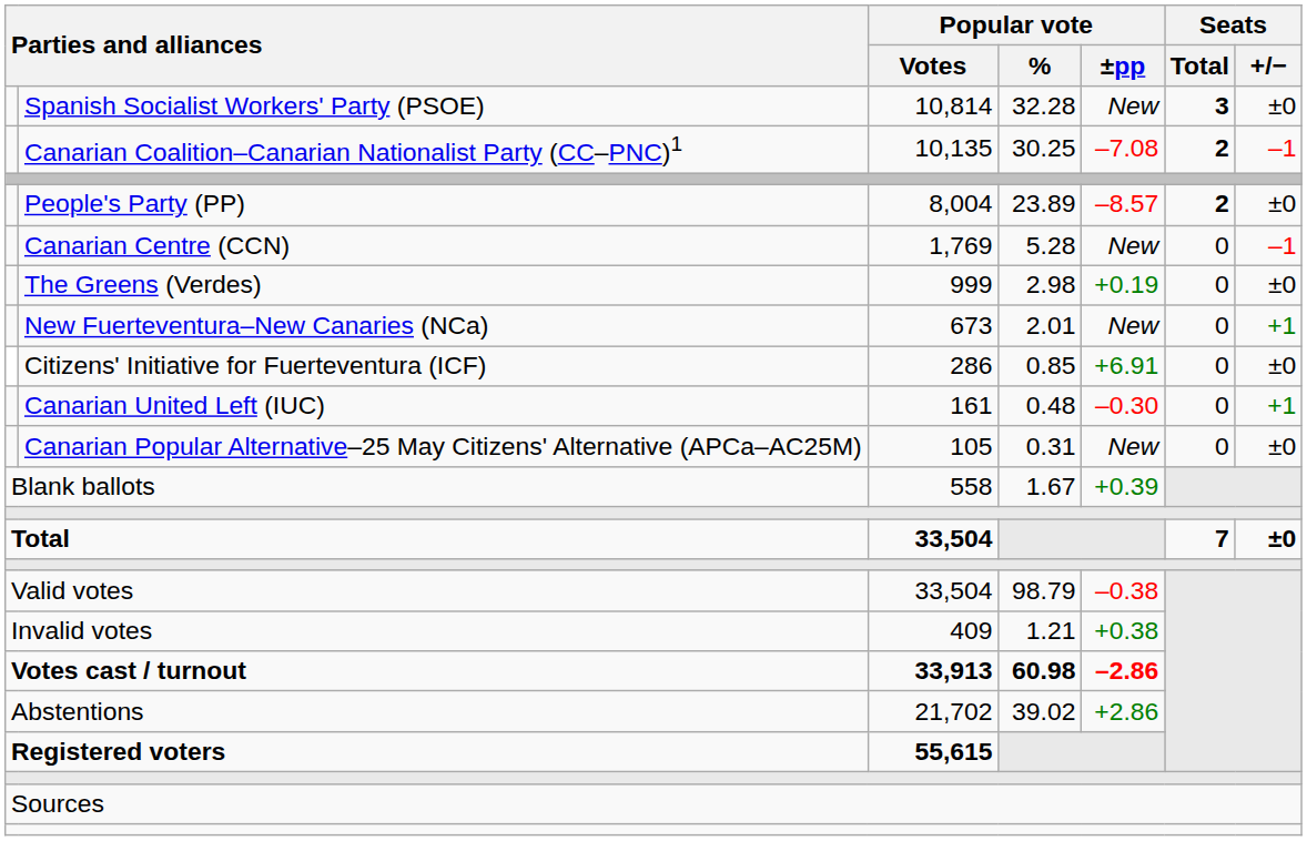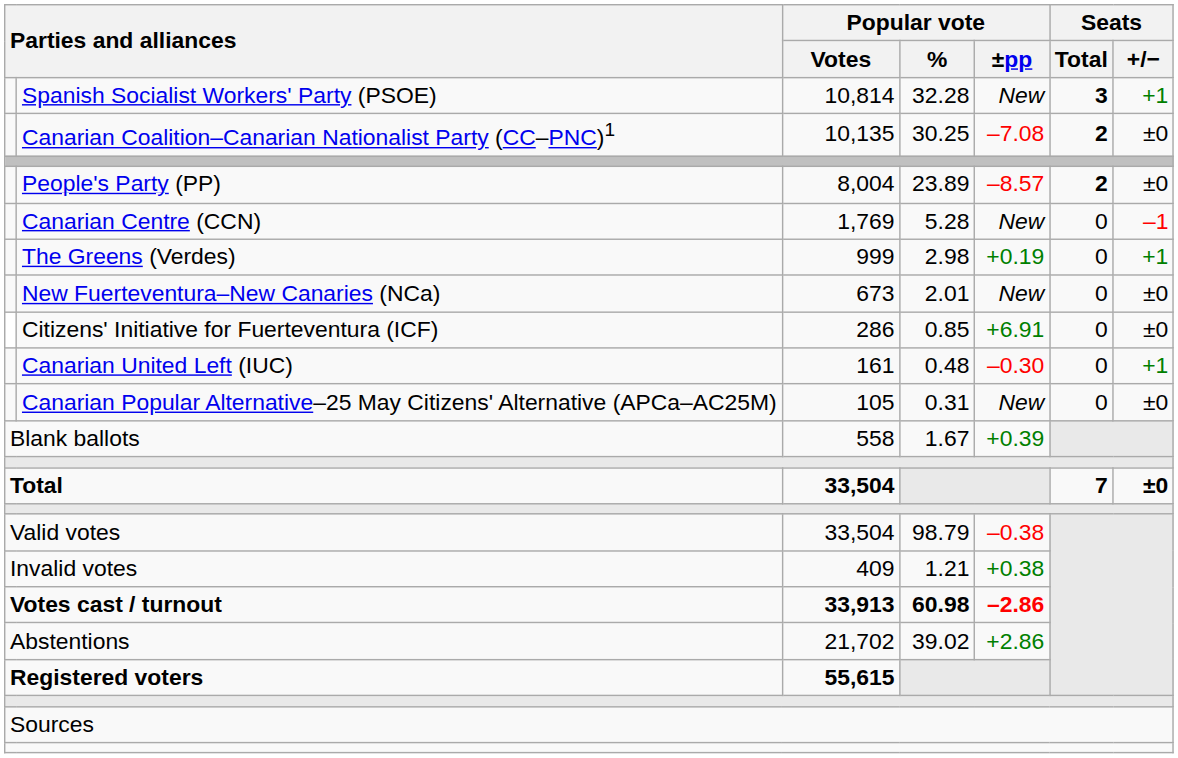 <table class="wikitable" style="text-align:right;">
 <tr>
 <th style="text-align:left;" rowspan="2" colspan="2" width="525">Parties and alliances</th>
 <th colspan="3">Popular vote</th>
 <th colspan="2">Seats</th>
 </tr>
 <tr>
 <th width="75">Votes</th>
 <th width="45">%</th>
 <th width="45">±<a href='#'>pp</a></th>
 <th width="35">Total</th>
 <th width="35">+/−</th>
 </tr>
 <tr>
 <td width="1" style="color:inherit;background:"></td>
 <td align="left"><a href='#'>Spanish Socialist Workers' Party</a> (PSOE)</td>
 <td>10,814</td>
 <td>32.28</td>
 <td><em>New</em></td>
 <td><strong>3</strong></td>
-<td>±0</td>
+<td style="color:green;">+1</td>
 </tr>
 <tr>
 <td style="color:inherit;background:"></td>
 <td align="left"><a href='#'>Canarian Coalition–Canarian Nationalist Party</a> (<a href='#'>CC</a>–<a href='#'>PNC</a>)<sup>1</sup></td>
 <td>10,135</td>
 <td>30.25</td>
 <td style="color:red;">–7.08</td>
 <td><strong>2</strong></td>
-<td style="color:red;">–1</td>
+<td>±0</td>
 </tr>
 <tr>
 <td colspan="7" bgcolor="#C0C0C0"></td>
 </tr>
 <tr>
 <td style="color:inherit;background:"></td>
 <td align="left"><a href='#'>People's Party</a> (PP)</td>
 <td>8,004</td>
 <td>23.89</td>
 <td style="color:red;">–8.57</td>
 <td><strong>2</strong></td>
 <td>±0</td>
 </tr>
 <tr>
 <td style="color:inherit;background:"></td>
 <td align="left"><a href='#'>Canarian Centre</a> (CCN)</td>
 <td>1,769</td>
 <td>5.28</td>
 <td><em>New</em></td>
 <td>0</td>
 <td style="color:red;">–1</td>
 </tr>
 <tr>
 <td style="color:inherit;background:"></td>
 <td align="left"><a href='#'>The Greens</a> (Verdes)</td>
 <td>999</td>
 <td>2.98</td>
 <td style="color:green;">+0.19</td>
 <td>0</td>
-<td>±0</td>
+<td style="color:green;">+1</td>
 </tr>
 <tr>
 <td style="color:inherit;background:"></td>
 <td align="left"><a href='#'>New Fuerteventura–New Canaries</a> (NCa)</td>
 <td>673</td>
 <td>2.01</td>
 <td><em>New</em></td>
 <td>0</td>
-<td style="color:green;">+1</td>
+<td>±0</td>
 </tr>
 <tr>
 <td bgcolor="white"></td>
 <td align="left">Citizens' Initiative for Fuerteventura (ICF)</td>
 <td>286</td>
 <td>0.85</td>
 <td style="color:green;">+6.91</td>
 <td>0</td>
 <td>±0</td>
 </tr>
 <tr>
 <td style="color:inherit;background:"></td>
 <td align="left"><a href='#'>Canarian United Left</a> (IUC)</td>
 <td>161</td>
 <td>0.48</td>
 <td style="color:red;">–0.30</td>
 <td>0</td>
 <td style="color:green;">+1</td>
 </tr>
 <tr>
 <td style="color:inherit;background:"></td>
 <td align="left"><a href='#'>Canarian Popular Alternative</a>–25 May Citizens' Alternative (APCa–AC25M)</td>
 <td>105</td>
 <td>0.31</td>
 <td><em>New</em></td>
 <td>0</td>
 <td>±0</td>
 </tr>
 <tr>
 <td align="left" colspan="2">Blank ballots</td>
 <td>558</td>
 <td>1.67</td>
 <td style="color:green;">+0.39</td>
 <td bgcolor="#E9E9E9" colspan="2"></td>
 </tr>
 <tr>
 <td colspan="7" bgcolor="#E9E9E9"></td>
 </tr>
 <tr style="font-weight:bold;">
 <td align="left" colspan="2">Total</td>
 <td>33,504</td>
 <td bgcolor="#E9E9E9" colspan="2"></td>
 <td>7</td>
 <td>±0</td>
 </tr>
 <tr>
 <td colspan="7" bgcolor="#E9E9E9"></td>
 </tr>
 <tr>
 <td align="left" colspan="2">Valid votes</td>
 <td>33,504</td>
 <td>98.79</td>
 <td style="color:red;">–0.38</td>
 <td bgcolor="#E9E9E9" colspan="2" rowspan="5"></td>
 </tr>
 <tr>
 <td align="left" colspan="2">Invalid votes</td>
 <td>409</td>
 <td>1.21</td>
 <td style="color:green;">+0.38</td>
 </tr>
 <tr style="font-weight:bold;">
 <td align="left" colspan="2">Votes cast / turnout</td>
 <td>33,913</td>
 <td>60.98</td>
 <td style="color:red;">–2.86</td>
 </tr>
 <tr>
 <td align="left" colspan="2">Abstentions</td>
 <td>21,702</td>
 <td>39.02</td>
 <td style="color:green;">+2.86</td>
 </tr>
 <tr style="font-weight:bold;">
 <td align="left" colspan="2">Registered voters</td>
 <td>55,615</td>
 <td bgcolor="#E9E9E9" colspan="2"></td>
 </tr>
 <tr>
 <td colspan="7" bgcolor="#E9E9E9"></td>
 </tr>
 <tr>
 <td align="left" colspan="7">Sources</td>
 </tr>
 <tr>
 <td colspan="7" style="text-align:left; max-width:790px;"></td>
 </tr>
 </table>
